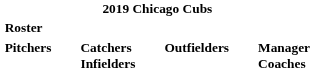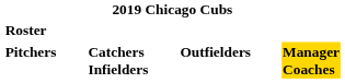 <table class="toccolours" style="font-size: 95%;">
 <tr>
 <th colspan="10">2019 Chicago Cubs</th>
 </tr>
 <tr>
 <td colspan="10"><strong>Roster</strong></td>
 </tr>
 <tr>
 <td valign="top"><strong>Pitchers</strong><br>                            </td>
 <td style="width:25px;"></td>
 <td valign="top"><strong>Catchers</strong><br>     <strong>Infielders</strong>         </td>
 <td style="width:25px;"></td>
 <td valign="top"><strong>Outfielders</strong><br>        </td>
 <td style="width:25px;"></td>
-<td valign="top"><strong>Manager</strong><br> <strong>Coaches</strong>                        </td>
+<td valign="top" style="background: gold;"><strong>Manager</strong><br> <strong>Coaches</strong>                        </td>
 </tr>
 </table>
